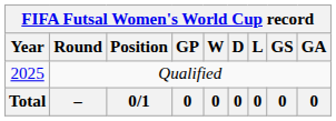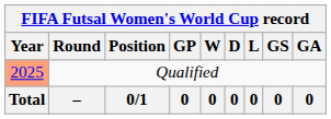 <table class="wikitable" style="text-align: center;font-size:90%;">
 <tr>
 <th colspan=9><a href='#'>FIFA Futsal Women's World Cup</a> record</th>
 </tr>
 <tr>
 <th>Year</th>
 <th>Round</th>
 <th>Position</th>
 <th>GP</th>
 <th>W</th>
 <th>D</th>
 <th>L</th>
 <th>GS</th>
 <th>GA</th>
 </tr>
 <tr>
-<td> <a href='#'>2025</a></td>
+<td style="background: lightsalmon;"> <a href='#'>2025</a></td>
 <td colspan=8><em>Qualified</em></td>
 </tr>
 <tr>
 <th><strong>Total</strong></th>
 <th>–</th>
 <th><strong>0/1</strong></th>
 <th><strong>0</strong></th>
 <th><strong>0</strong></th>
 <th><strong>0</strong></th>
 <th><strong>0</strong></th>
 <th><strong>0</strong></th>
 <th><strong>0</strong></th>
 </tr>
 </table>
